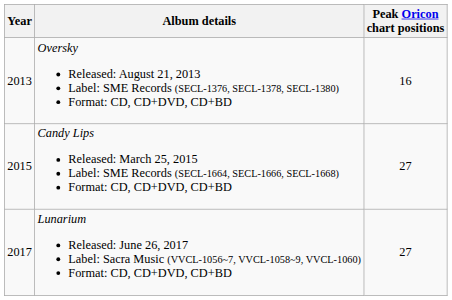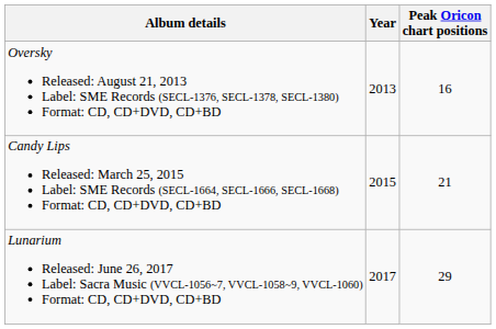 <table class="wikitable">
 <tr>
+<th>Album details</th>
 <th>Year</th>
-<th>Album details</th>
 <th colspan="1">Peak <a href='#'>Oricon</a><br> chart positions</th>
 </tr>
 <tr>
+<td><em>Oversky</em><br><ul><li>Released: August 21, 2013</li><li>Label: SME Records <small>(SECL-1376, SECL-1378, SECL-1380)</small></li><li>Format: CD, CD+DVD, CD+BD</li></ul></td>
 <td>2013</td>
-<td><em>Oversky</em><br><ul><li>Released: August 21, 2013</li><li>Label: SME Records <small>(SECL-1376, SECL-1378, SECL-1380)</small></li><li>Format: CD, CD+DVD, CD+BD</li></ul></td>
 <td align="center">16</td>
 </tr>
 <tr>
+<td><em>Candy Lips</em><br><ul><li>Released: March 25, 2015</li><li>Label: SME Records <small>(SECL-1664, SECL-1666, SECL-1668)</small></li><li>Format: CD, CD+DVD, CD+BD</li></ul></td>
 <td>2015</td>
-<td><em>Candy Lips</em><br><ul><li>Released: March 25, 2015</li><li>Label: SME Records <small>(SECL-1664, SECL-1666, SECL-1668)</small></li><li>Format: CD, CD+DVD, CD+BD</li></ul></td>
-<td align="center">27</td>
+<td align="center">21</td>
 </tr>
 <tr>
+<td><em>Lunarium</em><br><ul><li>Released: June 26, 2017</li><li>Label: Sacra Music <small>(VVCL-1056~7, VVCL-1058~9, VVCL-1060)</small></li><li>Format: CD, CD+DVD, CD+BD</li></ul></td>
 <td>2017</td>
-<td><em>Lunarium</em><br><ul><li>Released: June 26, 2017</li><li>Label: Sacra Music <small>(VVCL-1056~7, VVCL-1058~9, VVCL-1060)</small></li><li>Format: CD, CD+DVD, CD+BD</li></ul></td>
-<td align="center">27</td>
+<td align="center">29</td>
 </tr>
 </table>
